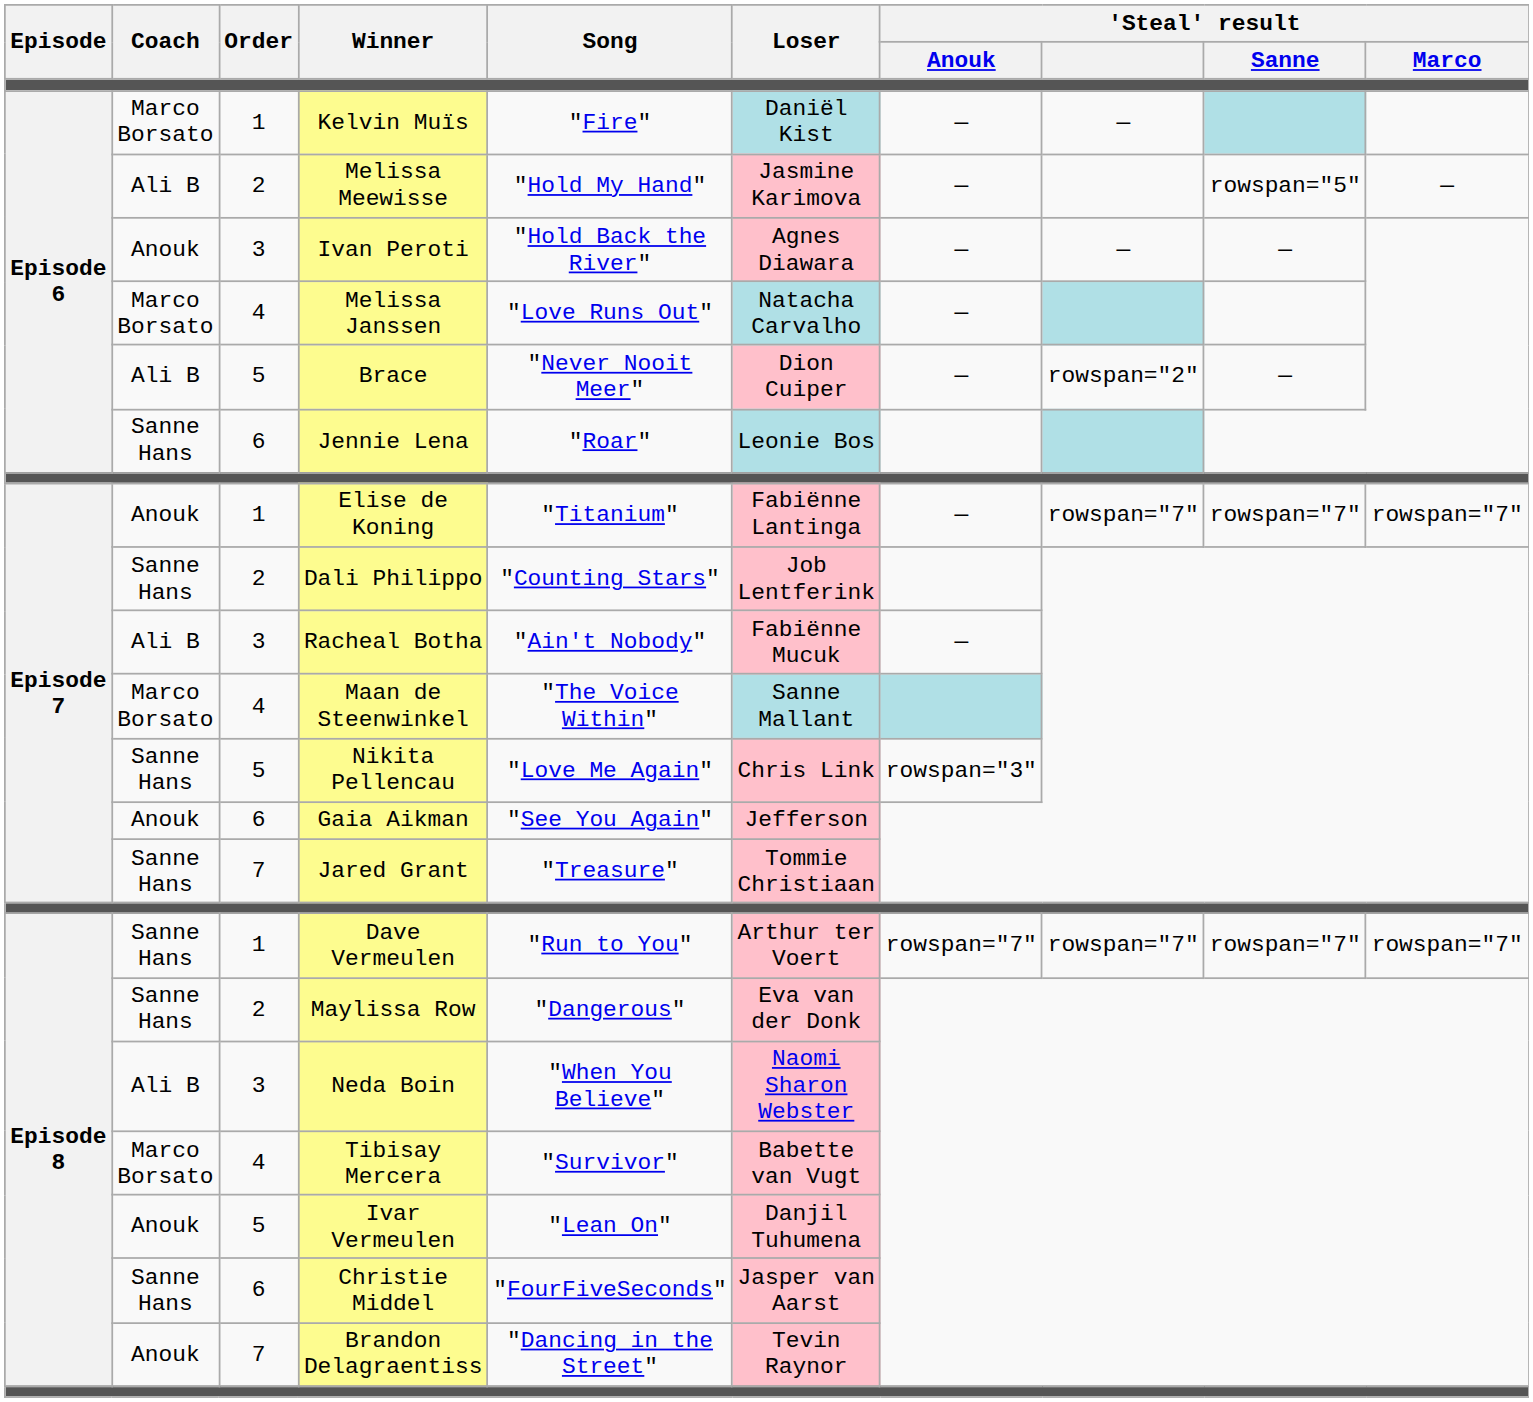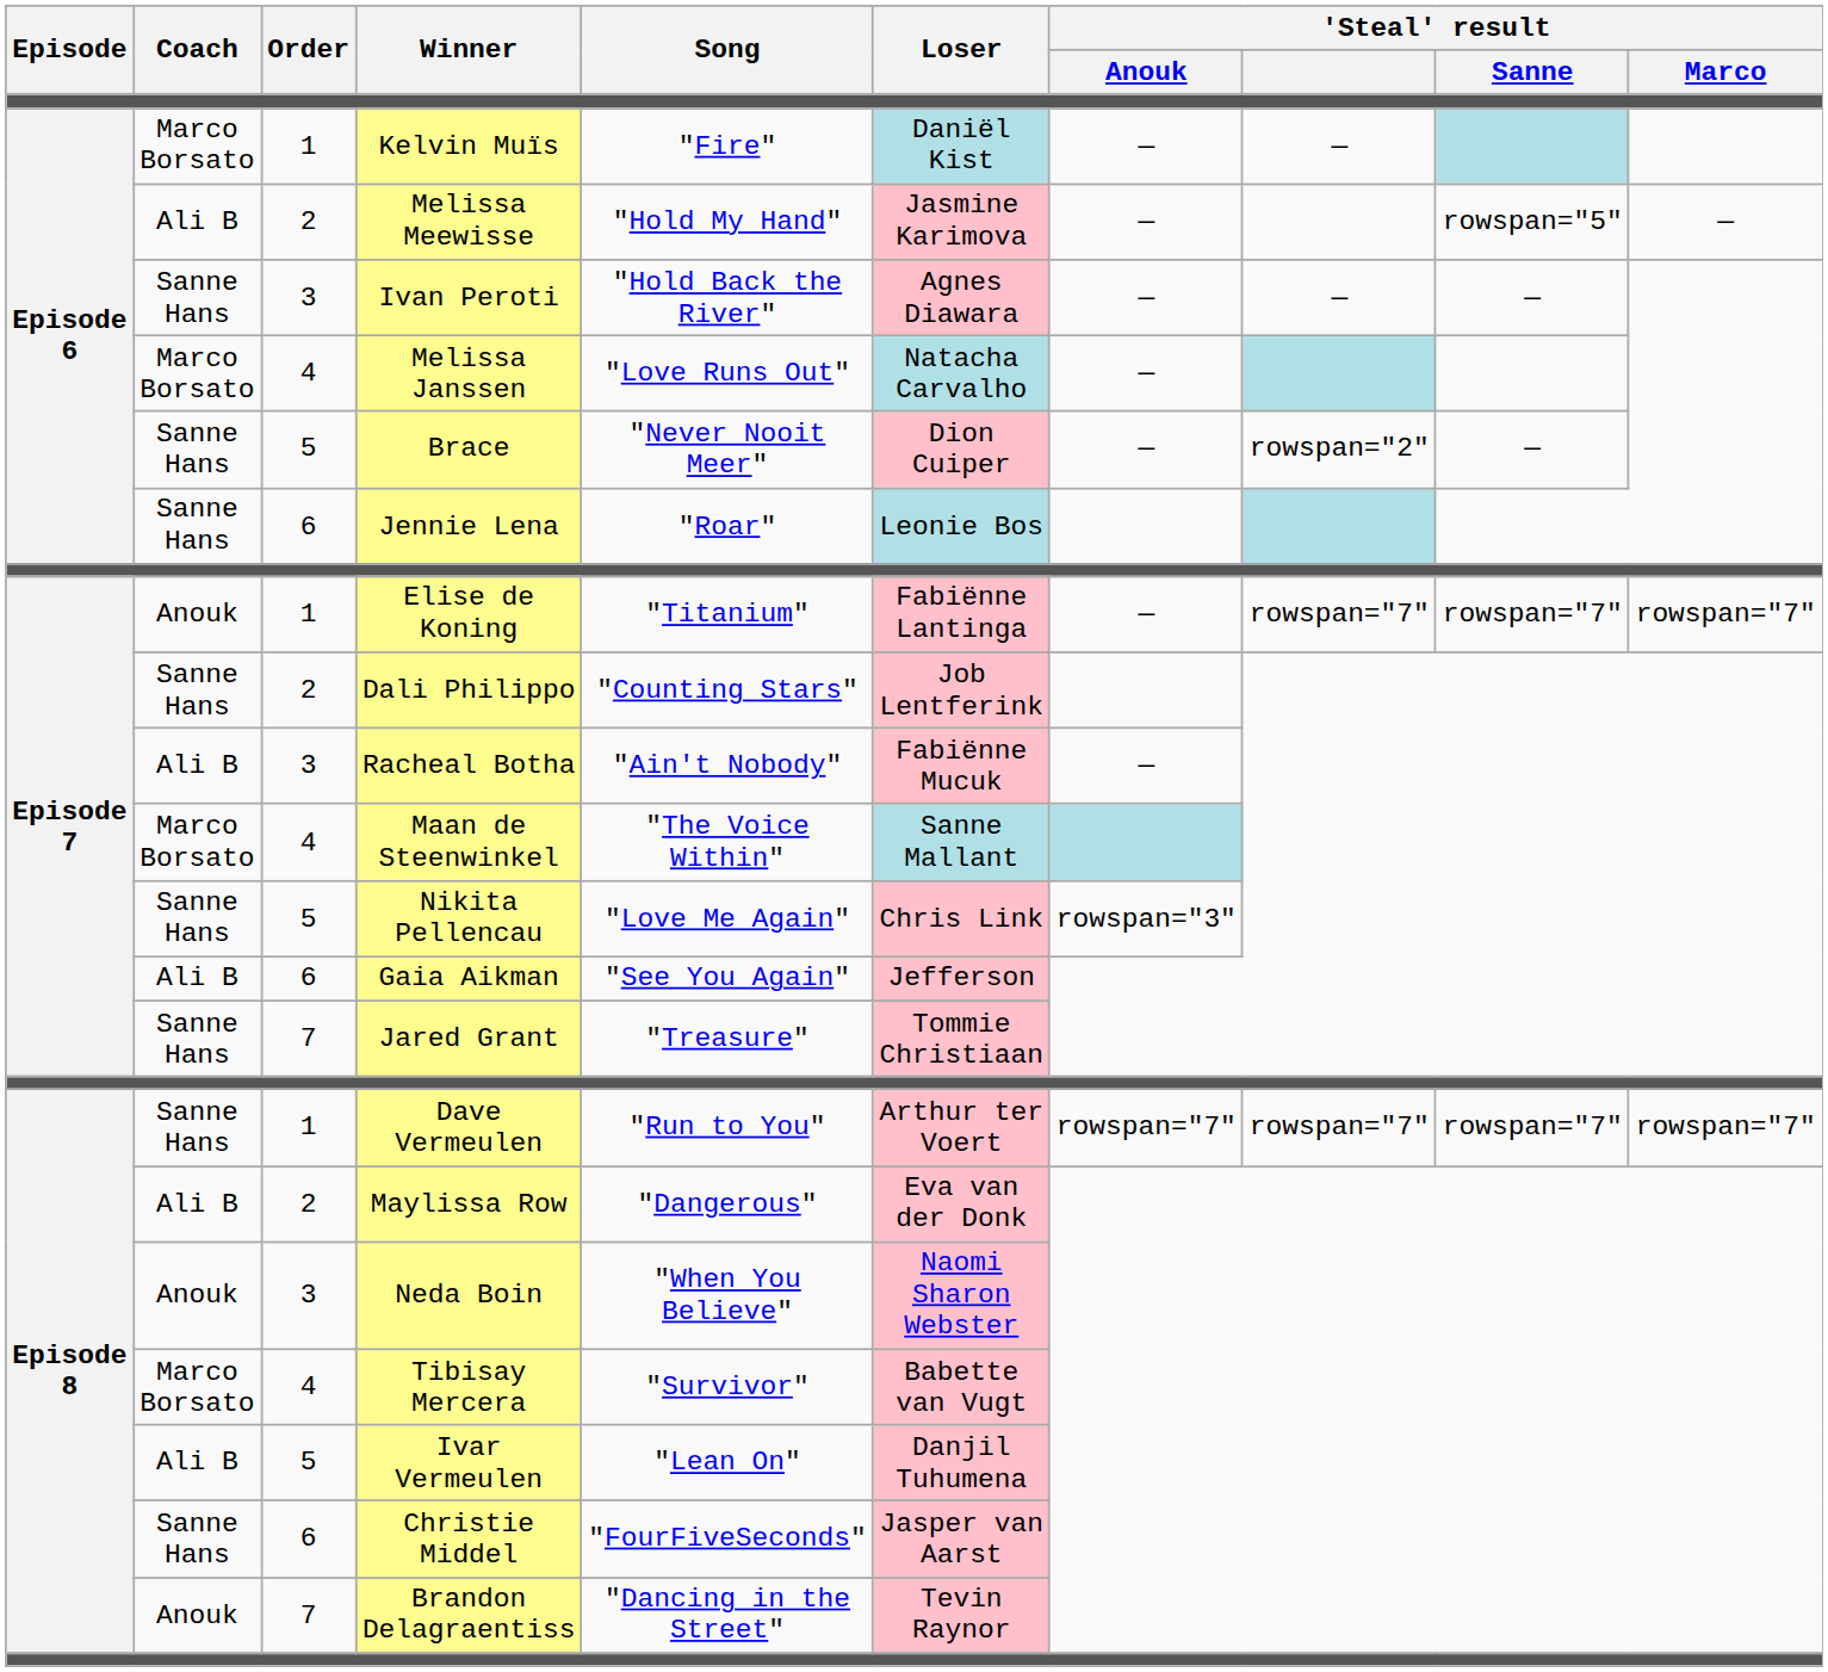 <table class="wikitable" style="text-align: center; width:100%;">
 <tr>
 <th rowspan="2" style="width:15%;">Episode</th>
 <th rowspan="2" style="width:15%;">Coach</th>
 <th rowspan="2" style="width:05%;">Order</th>
 <th rowspan="2" style="width:20%;">Winner</th>
 <th rowspan="2" style="width:20%;">Song</th>
 <th rowspan="2" style="width:20%;">Loser</th>
 <th colspan="4" style="width:20%;">'Steal' result</th>
 </tr>
 <tr>
 <th width="70"><a href='#'>Anouk</a></th>
 <th width="70"></th>
 <th width="70"><a href='#'>Sanne</a></th>
 <th width="70"><a href='#'>Marco</a></th>
 </tr>
 <tr>
 <td colspan="10" style="background:#555;"></td>
 </tr>
 <tr>
 <th rowspan="6">Episode 6<br><small></small></th>
 <td>Marco Borsato</td>
 <td>1</td>
 <td style="background:#fdfc8f;">Kelvin Muïs</td>
 <td>"<a href='#'>Fire</a>"</td>
 <td style="background-color:#B0E0E6;">Daniël Kist</td>
 <td>—</td>
 <td>—</td>
 <td style="background-color:#B0E0E6;"><strong></strong></td>
 <td></td>
 </tr>
 <tr>
 <td>Ali B</td>
 <td>2</td>
 <td style="background:#fdfc8f;">Melissa Meewisse</td>
 <td>"<a href='#'>Hold My Hand</a>"</td>
 <td style="background:pink;">Jasmine Karimova</td>
 <td>—</td>
 <td></td>
 <td>rowspan="5" </td>
 <td>—</td>
 </tr>
 <tr>
-<td>Anouk</td>
+<td>Sanne Hans</td>
 <td>3</td>
 <td style="background:#fdfc8f;">Ivan Peroti</td>
 <td>"<a href='#'>Hold Back the River</a>"</td>
 <td style="background:pink;">Agnes Diawara</td>
 <td>—</td>
 <td>—</td>
 <td>—</td>
 </tr>
 <tr>
 <td>Marco Borsato</td>
 <td>4</td>
 <td style="background:#fdfc8f;">Melissa Janssen</td>
 <td>"<a href='#'>Love Runs Out</a>"</td>
 <td style="background-color:#B0E0E6;">Natacha Carvalho</td>
 <td>—</td>
 <td style="background-color:#B0E0E6;"><strong></strong></td>
 <td></td>
 </tr>
 <tr>
-<td>Ali B</td>
+<td>Sanne Hans</td>
 <td>5</td>
 <td style="background:#fdfc8f;">Brace</td>
 <td>"<a href='#'>Never Nooit Meer</a>"</td>
 <td style="background:pink;">Dion Cuiper</td>
 <td>—</td>
 <td>rowspan="2" </td>
 <td>—</td>
 </tr>
 <tr>
 <td>Sanne Hans</td>
 <td>6</td>
 <td style="background:#fdfc8f;">Jennie Lena</td>
 <td>"<a href='#'>Roar</a>"</td>
 <td style="background-color:#B0E0E6;">Leonie Bos</td>
 <td></td>
 <td style="background-color:#B0E0E6;"><strong></strong></td>
 </tr>
 <tr>
 <td colspan="10" style="background:#555555;"></td>
 </tr>
 <tr>
 <th rowspan="7">Episode 7<br><small></small></th>
 <td>Anouk</td>
 <td>1</td>
 <td style="background:#fdfc8f;">Elise de Koning</td>
 <td>"<a href='#'>Titanium</a>"</td>
 <td style="background:pink;">Fabiënne Lantinga</td>
 <td>—</td>
 <td>rowspan="7" </td>
 <td>rowspan="7" </td>
 <td>rowspan="7" </td>
 </tr>
 <tr>
 <td>Sanne Hans</td>
 <td>2</td>
 <td style="background:#fdfc8f;">Dali Philippo</td>
 <td>"<a href='#'>Counting Stars</a>"</td>
 <td style="background:pink;">Job Lentferink</td>
 <td></td>
 </tr>
 <tr>
 <td>Ali B</td>
 <td>3</td>
 <td style="background:#fdfc8f;">Racheal Botha</td>
 <td>"<a href='#'>Ain't Nobody</a>"</td>
 <td style="background:pink;">Fabiënne Mucuk</td>
 <td>—</td>
 </tr>
 <tr>
 <td>Marco Borsato</td>
 <td>4</td>
 <td style="background:#fdfc8f;">Maan de Steenwinkel</td>
 <td>"<a href='#'>The Voice Within</a>"</td>
 <td style="background-color:#B0E0E6;">Sanne Mallant</td>
 <td style="background-color:#B0E0E6;"><strong></strong></td>
 </tr>
 <tr>
 <td>Sanne Hans</td>
 <td>5</td>
 <td style="background:#fdfc8f;">Nikita Pellencau</td>
 <td>"<a href='#'>Love Me Again</a>"</td>
 <td style="background:pink;">Chris Link</td>
 <td>rowspan="3" </td>
 </tr>
 <tr>
-<td>Anouk</td>
+<td>Ali B</td>
 <td>6</td>
 <td style="background:#fdfc8f;">Gaia Aikman</td>
 <td>"<a href='#'>See You Again</a>"</td>
 <td style="background:pink;">Jefferson</td>
 </tr>
 <tr>
 <td>Sanne Hans</td>
 <td>7</td>
 <td style="background:#fdfc8f;">Jared Grant</td>
 <td>"<a href='#'>Treasure</a>"</td>
 <td style="background:pink;">Tommie Christiaan</td>
 </tr>
 <tr>
 <td colspan="10" style="background:#555555;"></td>
 </tr>
 <tr>
 <th rowspan="7">Episode 8<br><small></small></th>
 <td>Sanne Hans</td>
 <td>1</td>
 <td style="background:#fdfc8f;">Dave Vermeulen</td>
 <td>"<a href='#'>Run to You</a>"</td>
 <td style="background:pink;">Arthur ter Voert</td>
 <td>rowspan="7" </td>
 <td>rowspan="7" </td>
 <td>rowspan="7" </td>
 <td>rowspan="7" </td>
 </tr>
 <tr>
-<td>Sanne Hans</td>
+<td>Ali B</td>
 <td>2</td>
 <td style="background:#fdfc8f;">Maylissa Row</td>
 <td>"<a href='#'>Dangerous</a>"</td>
 <td style="background:pink;">Eva van der Donk</td>
 </tr>
 <tr>
-<td>Ali B</td>
+<td>Anouk</td>
 <td>3</td>
 <td style="background:#fdfc8f;">Neda Boin</td>
 <td>"<a href='#'>When You Believe</a>"</td>
 <td style="background:pink;"><a href='#'>Naomi Sharon Webster</a></td>
 </tr>
 <tr>
 <td>Marco Borsato</td>
 <td>4</td>
 <td style="background:#fdfc8f;">Tibisay Mercera</td>
 <td>"<a href='#'>Survivor</a>"</td>
 <td style="background:pink;">Babette van Vugt</td>
 </tr>
 <tr>
-<td>Anouk</td>
+<td>Ali B</td>
 <td>5</td>
 <td style="background:#fdfc8f;">Ivar Vermeulen</td>
 <td>"<a href='#'>Lean On</a>"</td>
 <td style="background:pink;">Danjil Tuhumena</td>
 </tr>
 <tr>
 <td>Sanne Hans</td>
 <td>6</td>
 <td style="background:#fdfc8f;">Christie Middel</td>
 <td>"<a href='#'>FourFiveSeconds</a>"</td>
 <td style="background:pink;">Jasper van Aarst</td>
 </tr>
 <tr>
 <td>Anouk</td>
 <td>7</td>
 <td style="background:#fdfc8f;">Brandon Delagraentiss</td>
 <td>"<a href='#'>Dancing in the Street</a>"</td>
 <td style="background:pink;">Tevin Raynor</td>
 </tr>
 <tr>
 <td colspan="10" style="background:#555555;"></td>
 </tr>
 </table>
